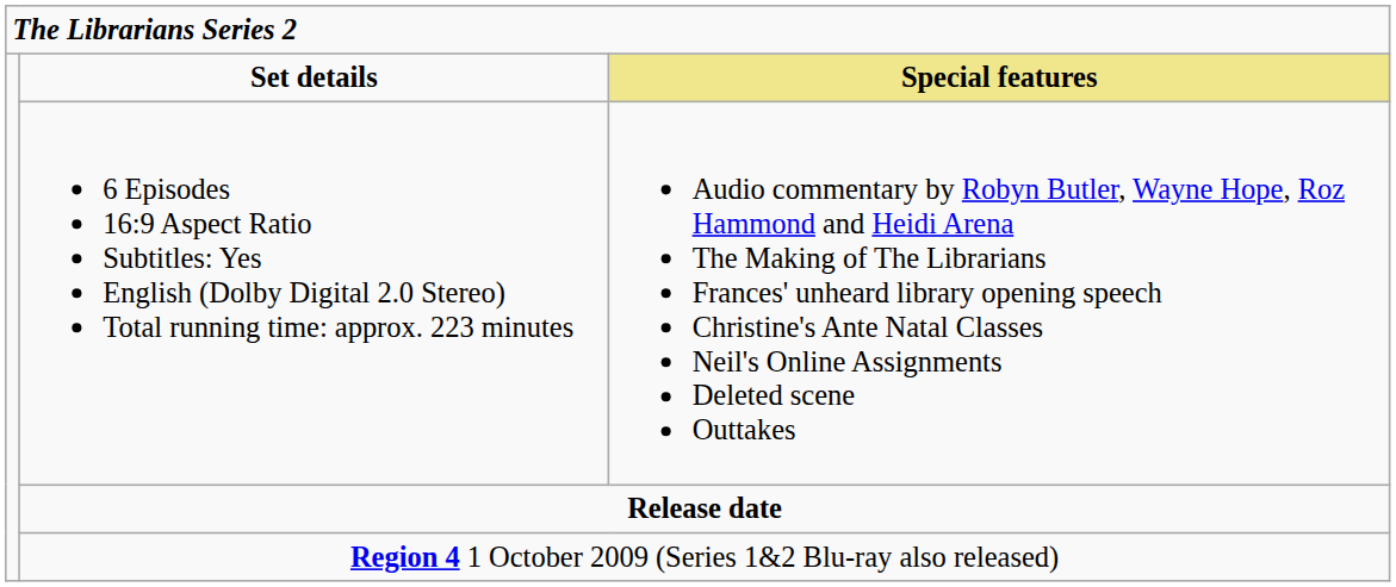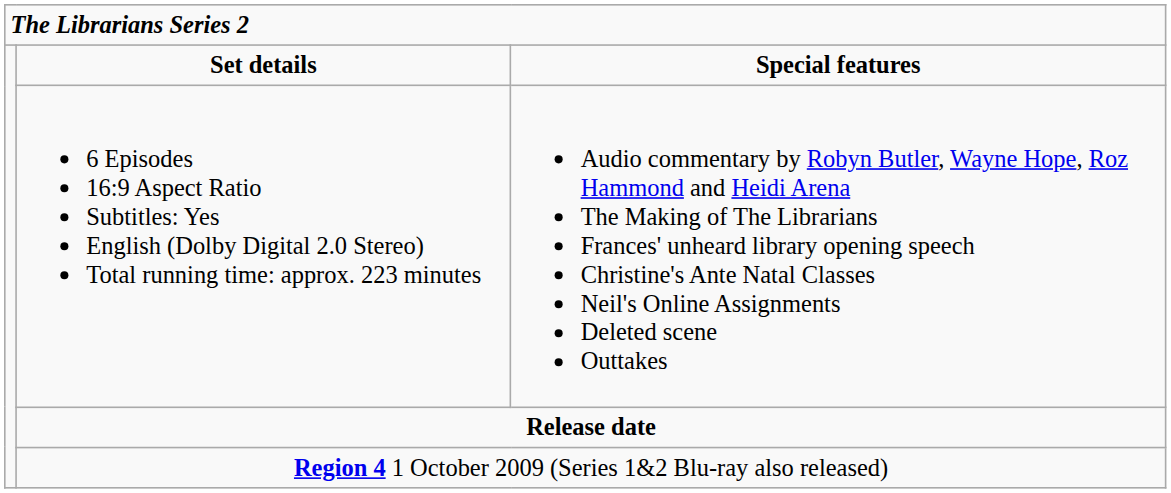 <table class="wikitable" style="font-size: 95%;">
 <tr>
 <td colspan="3"><strong><em>The Librarians Series 2</em></strong></td>
 </tr>
 <tr>
 <td rowspan="6" align="center"></td>
 <td width="300" align="center" colspan="1"><strong>Set details</strong></td>
-<td width="400" align="center" colspan="1" style="background: khaki;"><strong>Special features</strong></td>
+<td width="400" align="center" colspan="1"><strong>Special features</strong></td>
 </tr>
 <tr valign="top">
 <td colspan="1" align="left" width="300"><br><ul><li>6 Episodes</li><li>16:9 Aspect Ratio</li><li>Subtitles: Yes</li><li>English (Dolby Digital 2.0 Stereo)</li><li>Total running time: approx. 223 minutes</li></ul></td>
 <td colspan="1" align="left" width="400"><br><ul><li>Audio commentary by <a href='#'>Robyn Butler</a>, <a href='#'>Wayne Hope</a>, <a href='#'>Roz Hammond</a> and <a href='#'>Heidi Arena</a></li><li>The Making of The Librarians</li><li>Frances' unheard library opening speech</li><li>Christine's Ante Natal Classes</li><li>Neil's Online Assignments</li><li>Deleted scene</li><li>Outtakes</li></ul></td>
 </tr>
 <tr>
 <td colspan="3" align="center"><strong>Release date</strong></td>
 </tr>
 <tr>
 <td colspan="3" align="center"><strong><a href='#'>Region 4</a></strong> 1 October 2009 (Series 1&2 Blu-ray also released)</td>
 </tr>
 </table>
